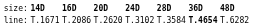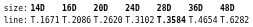 <table style="margin-left:40px;">
 <tr>
 <td>size:</td>
 <td><strong>14D</strong></td>
 <td><strong>16D</strong></td>
 <td><strong>20D</strong></td>
 <td><strong>24D</strong></td>
 <td><strong>28D</strong></td>
 <td><strong>36D</strong></td>
 <td><strong>48D</strong></td>
 </tr>
 <tr>
 <td>line:</td>
 <td>T.1671</td>
 <td>T.2086</td>
 <td>T.2620</td>
 <td>T.3102</td>
-<td>T.3584</td>
-<td><strong>T.4654</strong></td>
+<td><strong>T.3584</strong></td>
+<td>T.4654</td>
 <td>T.6282</td>
 </tr>
 </table>
